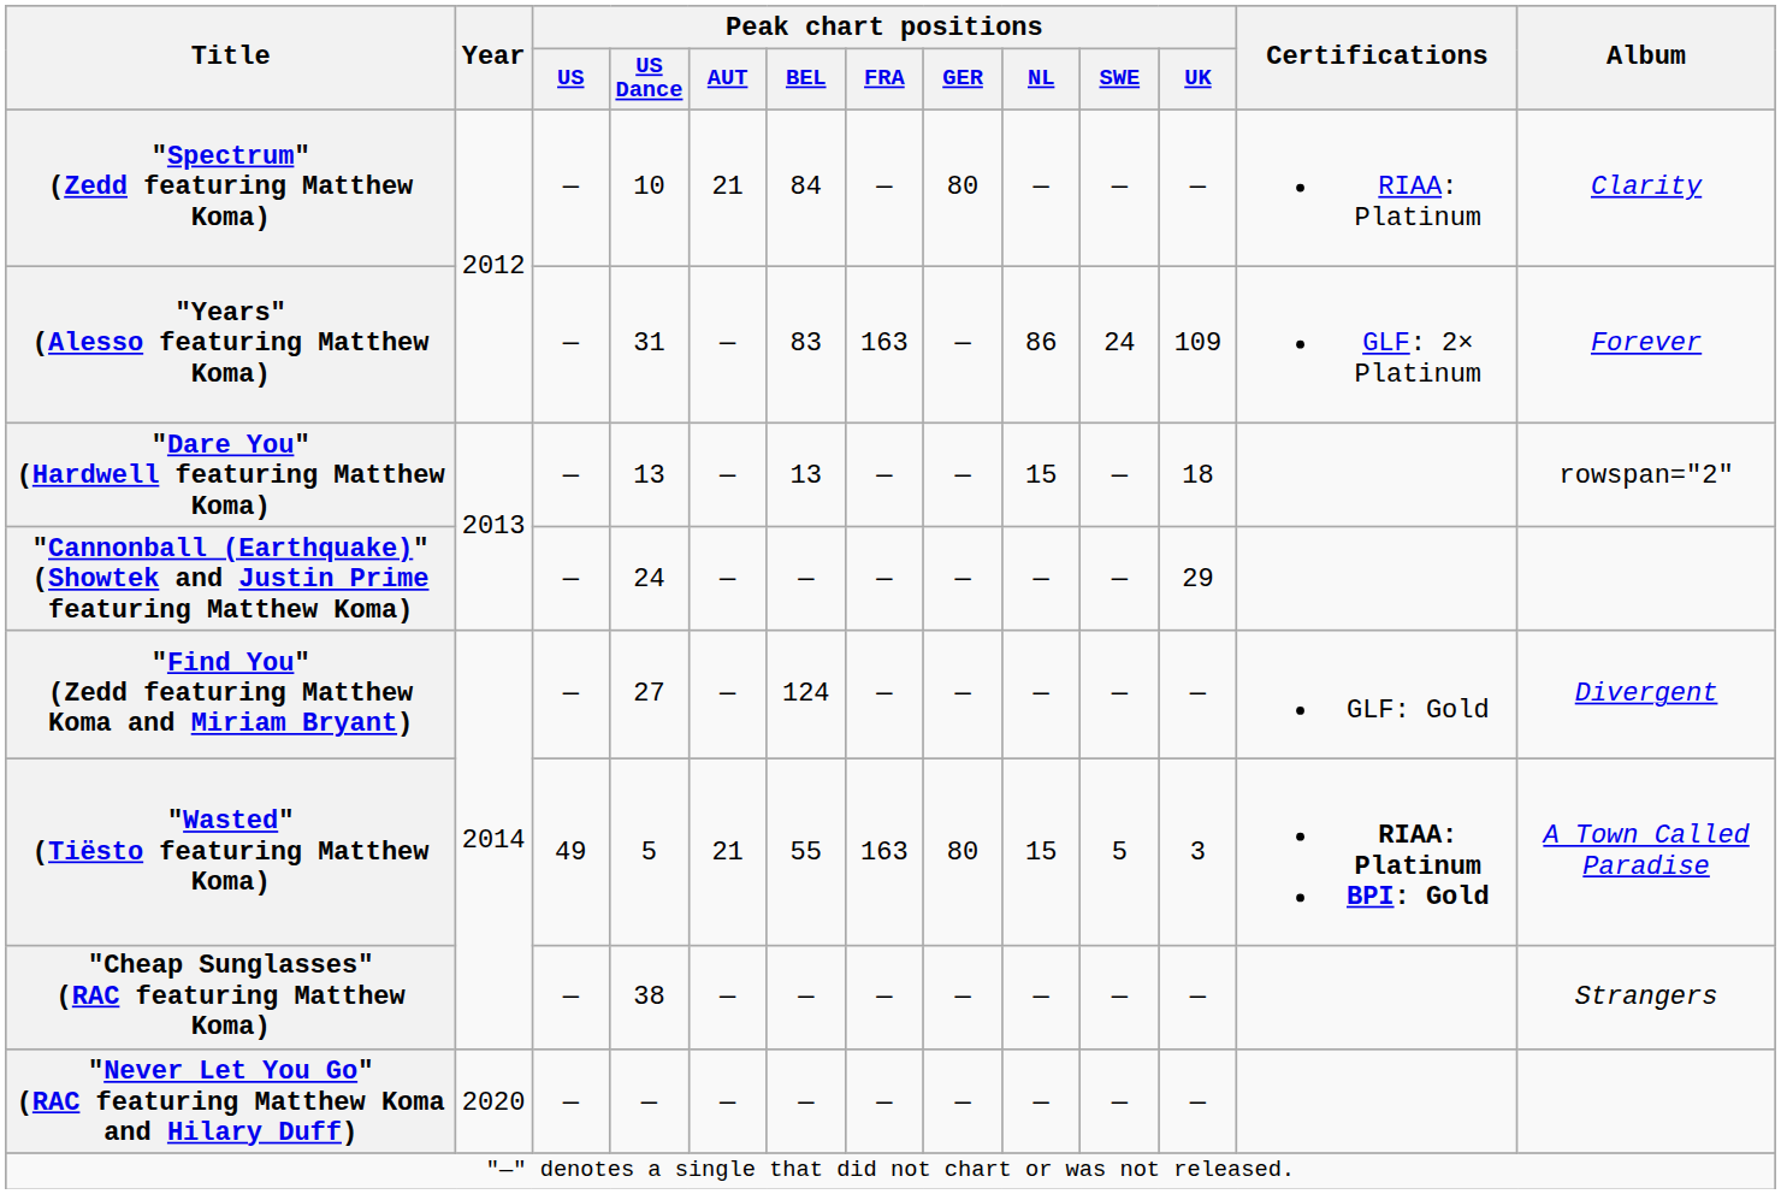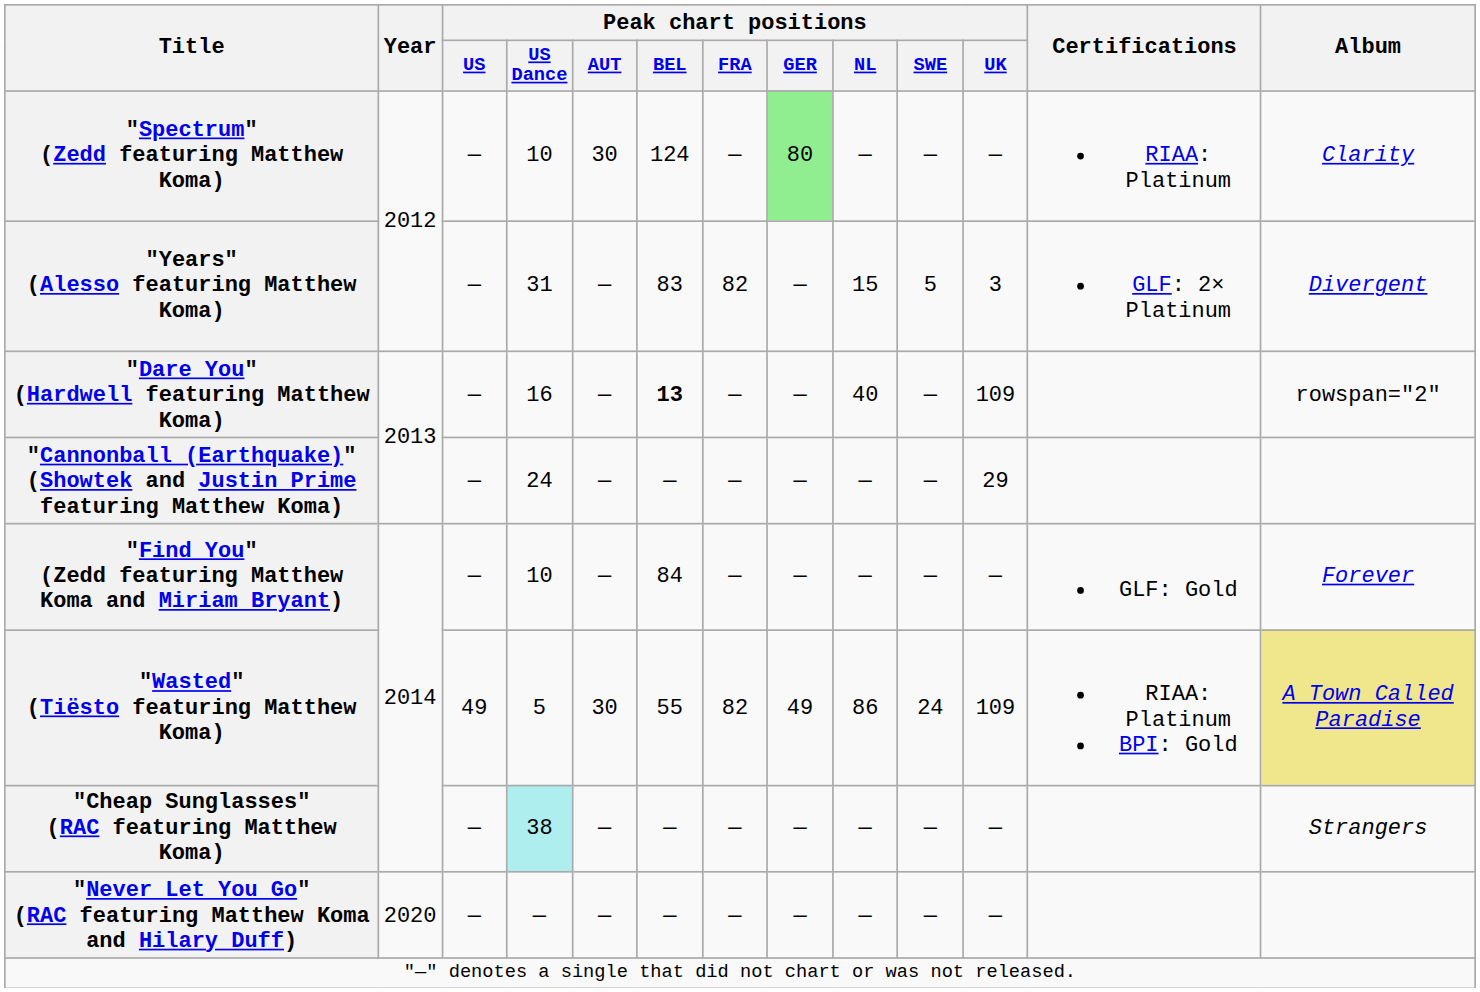 <table class="wikitable plainrowheaders" style="text-align:center;">
 <tr>
 <th scope="col" rowspan="2">Title</th>
 <th scope="col" rowspan="2">Year</th>
 <th scope="col" colspan="9">Peak chart positions</th>
 <th scope="col" rowspan="2">Certifications</th>
 <th scope="col" rowspan="2">Album</th>
 </tr>
 <tr>
 <th scope="col" style="width:3em;font-size:85%;"><a href='#'>US</a><br></th>
 <th scope="col" style="width:3em;font-size:85%;"><a href='#'>US Dance</a><br></th>
 <th scope="col" style="width:3em;font-size:85%;"><a href='#'>AUT</a><br></th>
 <th scope="col" style="width:3em;font-size:85%;"><a href='#'>BEL</a><br></th>
 <th scope="col" style="width:3em;font-size:85%;"><a href='#'>FRA</a><br></th>
 <th scope="col" style="width:3em;font-size:85%;"><a href='#'>GER</a><br></th>
 <th scope="col" style="width:3em;font-size:85%;"><a href='#'>NL</a><br></th>
 <th scope="col" style="width:3em;font-size:85%;"><a href='#'>SWE</a><br></th>
 <th scope="col" style="width:3em;font-size:85%;"><a href='#'>UK</a><br></th>
 </tr>
 <tr>
 <th scope="row">"<a href='#'>Spectrum</a>"<br><span>(<a href='#'>Zedd</a> featuring Matthew Koma)</span></th>
 <td rowspan="2">2012</td>
 <td>—</td>
 <td>10</td>
-<td>21</td>
-<td>84</td>
+<td>30</td>
+<td>124</td>
 <td>—</td>
-<td>80</td>
+<td style="background: lightgreen;">80</td>
 <td>—</td>
 <td>—</td>
 <td>—</td>
 <td><br><ul><li><a href='#'>RIAA</a>: Platinum</li></ul></td>
 <td><em><a href='#'>Clarity</a></em></td>
 </tr>
 <tr>
 <th scope="row">"Years"<br><span>(<a href='#'>Alesso</a> featuring Matthew Koma)</span></th>
 <td>—</td>
 <td>31</td>
 <td>—</td>
 <td>83</td>
-<td>163</td>
+<td>82</td>
 <td>—</td>
-<td>86</td>
-<td>24</td>
-<td>109</td>
+<td>15</td>
+<td>5</td>
+<td>3</td>
 <td><br><ul><li><a href='#'>GLF</a>: 2× Platinum</li></ul></td>
-<td><em><a href='#'>Forever</a></em></td>
+<td><em><a href='#'>Divergent</a></em></td>
 </tr>
 <tr>
 <th scope="row">"<a href='#'>Dare You</a>"<br><span>(<a href='#'>Hardwell</a> featuring Matthew Koma)</span></th>
 <td rowspan="2">2013</td>
 <td>—</td>
-<td>13</td>
+<td>16</td>
 <td>—</td>
-<td>13</td>
+<td><strong>13</strong></td>
 <td>—</td>
 <td>—</td>
-<td>15</td>
+<td>40</td>
 <td>—</td>
-<td>18</td>
+<td>109</td>
 <td></td>
 <td>rowspan="2" </td>
 </tr>
 <tr>
 <th scope="row">"<a href='#'>Cannonball (Earthquake)</a>"<br><span>(<a href='#'>Showtek</a> and <a href='#'>Justin Prime</a> featuring Matthew Koma)</span></th>
 <td>—</td>
 <td>24</td>
 <td>—</td>
 <td>—</td>
 <td>—</td>
 <td>—</td>
 <td>—</td>
 <td>—</td>
 <td>29</td>
 <td></td>
 </tr>
 <tr>
 <th scope="row">"<a href='#'>Find You</a>"<br><span>(Zedd featuring Matthew Koma and <a href='#'>Miriam Bryant</a>)</span></th>
 <td rowspan="3">2014</td>
 <td>—</td>
-<td>27</td>
+<td>10</td>
 <td>—</td>
-<td>124</td>
+<td>84</td>
 <td>—</td>
 <td>—</td>
 <td>—</td>
 <td>—</td>
 <td>—</td>
 <td><br><ul><li>GLF: Gold</li></ul></td>
-<td><em><a href='#'>Divergent</a></em></td>
+<td><em><a href='#'>Forever</a></em></td>
 </tr>
 <tr>
 <th scope="row">"<a href='#'>Wasted</a>"<br><span>(<a href='#'>Tiësto</a> featuring Matthew Koma)</span></th>
 <td>49</td>
 <td>5</td>
-<td>21</td>
+<td>30</td>
 <td>55</td>
-<td>163</td>
-<td>80</td>
-<td>15</td>
-<td>5</td>
-<td>3</td>
-<td><strong><br><ul><li>RIAA: Platinum</li><li><a href='#'>BPI</a>: Gold</li></ul></strong></td>
-<td><em><a href='#'>A Town Called Paradise</a></em></td>
+<td>82</td>
+<td>49</td>
+<td>86</td>
+<td>24</td>
+<td>109</td>
+<td><br><ul><li>RIAA: Platinum</li><li><a href='#'>BPI</a>: Gold</li></ul></td>
+<td style="background: khaki;"><em><a href='#'>A Town Called Paradise</a></em></td>
 </tr>
 <tr>
 <th scope="row">"Cheap Sunglasses"<br><span>(<a href='#'>RAC</a> featuring Matthew Koma)</span></th>
 <td>—</td>
-<td>38</td>
+<td style="background: paleturquoise;">38</td>
 <td>—</td>
 <td>—</td>
 <td>—</td>
 <td>—</td>
 <td>—</td>
 <td>—</td>
 <td>—</td>
 <td></td>
 <td><em>Strangers</em></td>
 </tr>
 <tr>
 <th scope="row">"<a href='#'>Never Let You Go</a>"<br><span>(<a href='#'>RAC</a> featuring Matthew Koma and <a href='#'>Hilary Duff</a>)</span></th>
 <td>2020</td>
 <td>—</td>
 <td>—</td>
 <td>—</td>
 <td>—</td>
 <td>—</td>
 <td>—</td>
 <td>—</td>
 <td>—</td>
 <td>—</td>
 <td></td>
 <td></td>
 </tr>
 <tr>
 <td colspan="18" style="font-size:85%">"—" denotes a single that did not chart or was not released.</td>
 </tr>
 </table>
